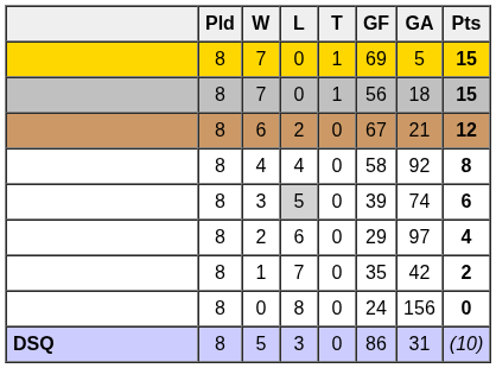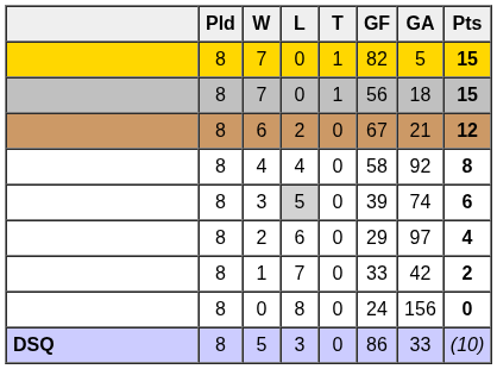 <table border=1 cellpadding=5 cellspacing=0>
 <tr>
 <th bgcolor="#efefef" width="150"></th>
 <th bgcolor="#efefef" width="20">Pld</th>
 <th bgcolor="#efefef" width="20">W</th>
 <th bgcolor="#efefef" width="20">L</th>
 <th bgcolor="#efefef" width="20">T</th>
 <th bgcolor="#efefef" width="20">GF</th>
 <th bgcolor="#efefef" width="20">GA</th>
 <th bgcolor="#efefef" width="20">Pts</th>
 </tr>
 <tr align=center bgcolor=gold>
 <td align=left></td>
 <td>8</td>
 <td>7</td>
 <td>0</td>
 <td>1</td>
-<td>69</td>
+<td>82</td>
 <td>5</td>
 <td><strong>15</strong></td>
 </tr>
 <tr align=center bgcolor=silver>
 <td align=left></td>
 <td>8</td>
 <td>7</td>
 <td>0</td>
 <td>1</td>
 <td>56</td>
 <td>18</td>
 <td><strong>15</strong></td>
 </tr>
 <tr align=center bgcolor=#c96>
 <td align=left></td>
 <td>8</td>
 <td>6</td>
 <td>2</td>
 <td>0</td>
 <td>67</td>
 <td>21</td>
 <td><strong>12</strong></td>
 </tr>
 <tr align=center>
 <td align=left></td>
 <td>8</td>
 <td>4</td>
 <td>4</td>
 <td>0</td>
 <td>58</td>
 <td>92</td>
 <td><strong>8</strong></td>
 </tr>
 <tr align=center>
 <td align=left></td>
 <td>8</td>
 <td>3</td>
 <td style="background: lightgrey;">5</td>
 <td>0</td>
 <td>39</td>
 <td>74</td>
 <td><strong>6</strong></td>
 </tr>
 <tr align=center>
 <td align=left></td>
 <td>8</td>
 <td>2</td>
 <td>6</td>
 <td>0</td>
 <td>29</td>
 <td>97</td>
 <td><strong>4</strong></td>
 </tr>
 <tr align=center>
 <td align=left></td>
 <td>8</td>
 <td>1</td>
 <td>7</td>
 <td>0</td>
-<td>35</td>
+<td>33</td>
 <td>42</td>
 <td><strong>2</strong></td>
 </tr>
 <tr align=center>
 <td align=left></td>
 <td>8</td>
 <td>0</td>
 <td>8</td>
 <td>0</td>
 <td>24</td>
 <td>156</td>
 <td><strong>0</strong></td>
 </tr>
 <tr align=center bgcolor="ccccff">
 <td align=left> <strong>DSQ</strong></td>
 <td>8</td>
 <td>5</td>
 <td>3</td>
 <td>0</td>
 <td>86</td>
-<td>31</td>
+<td>33</td>
 <td><em>(10)</em></td>
 </tr>
 </table>
